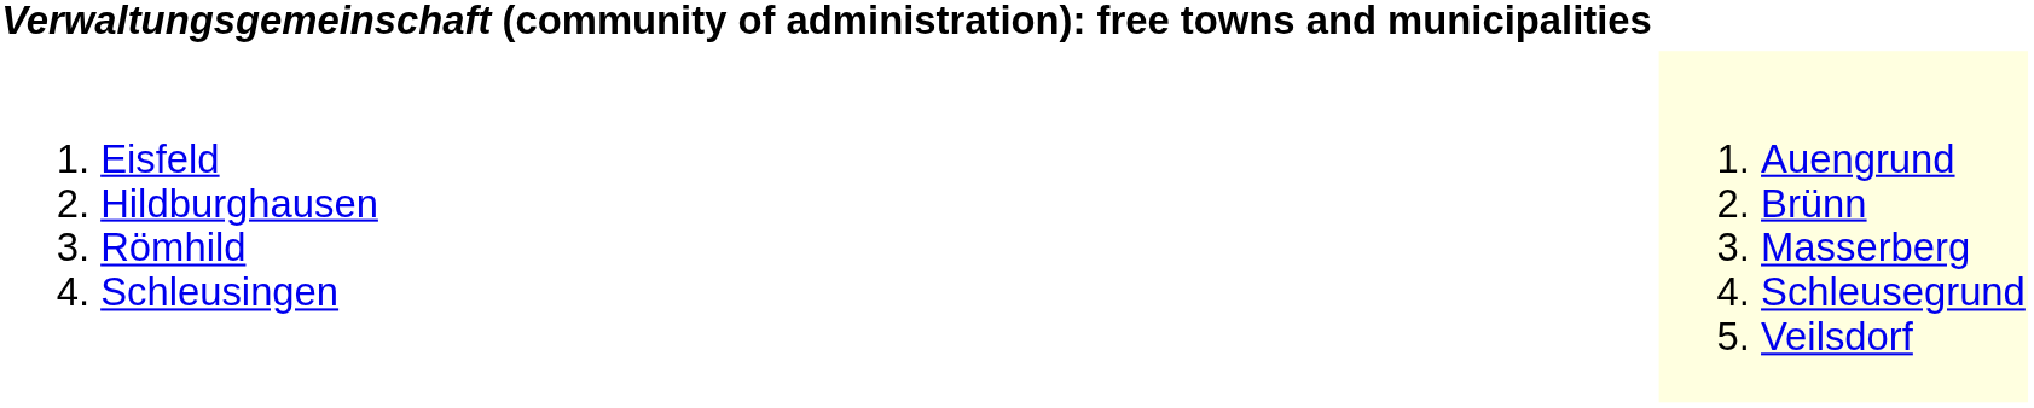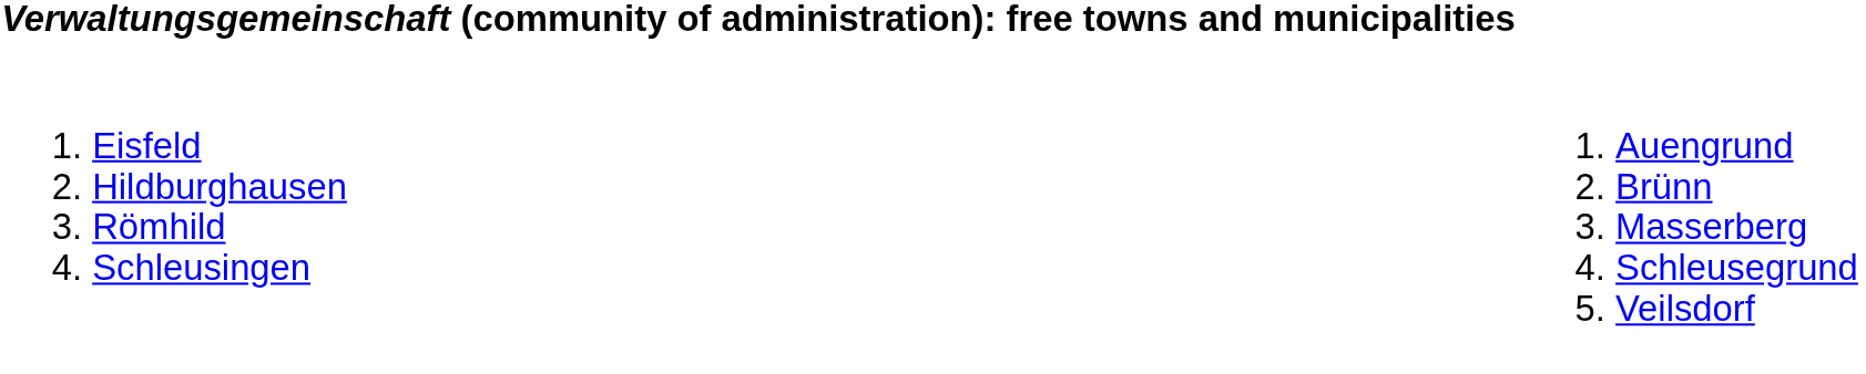 <table>
 <tr ---->
 <th><em>Verwaltungsgemeinschaft</em> (community of administration): free towns and municipalities</th>
 </tr>
 <tr>
 <td valign=top><br><ol><li><a href='#'>Eisfeld</a></li><li><a href='#'>Hildburghausen</a></li><li><a href='#'>Römhild</a></li><li><a href='#'>Schleusingen</a></li></ol></td>
-<td style="background: lightyellow;"><br><ol><li><a href='#'>Auengrund</a></li><li><a href='#'>Brünn</a></li><li><a href='#'>Masserberg</a></li><li><a href='#'>Schleusegrund</a></li><li><a href='#'>Veilsdorf</a></li></ol></td>
+<td><br><ol><li><a href='#'>Auengrund</a></li><li><a href='#'>Brünn</a></li><li><a href='#'>Masserberg</a></li><li><a href='#'>Schleusegrund</a></li><li><a href='#'>Veilsdorf</a></li></ol></td>
 </tr>
 </table>
